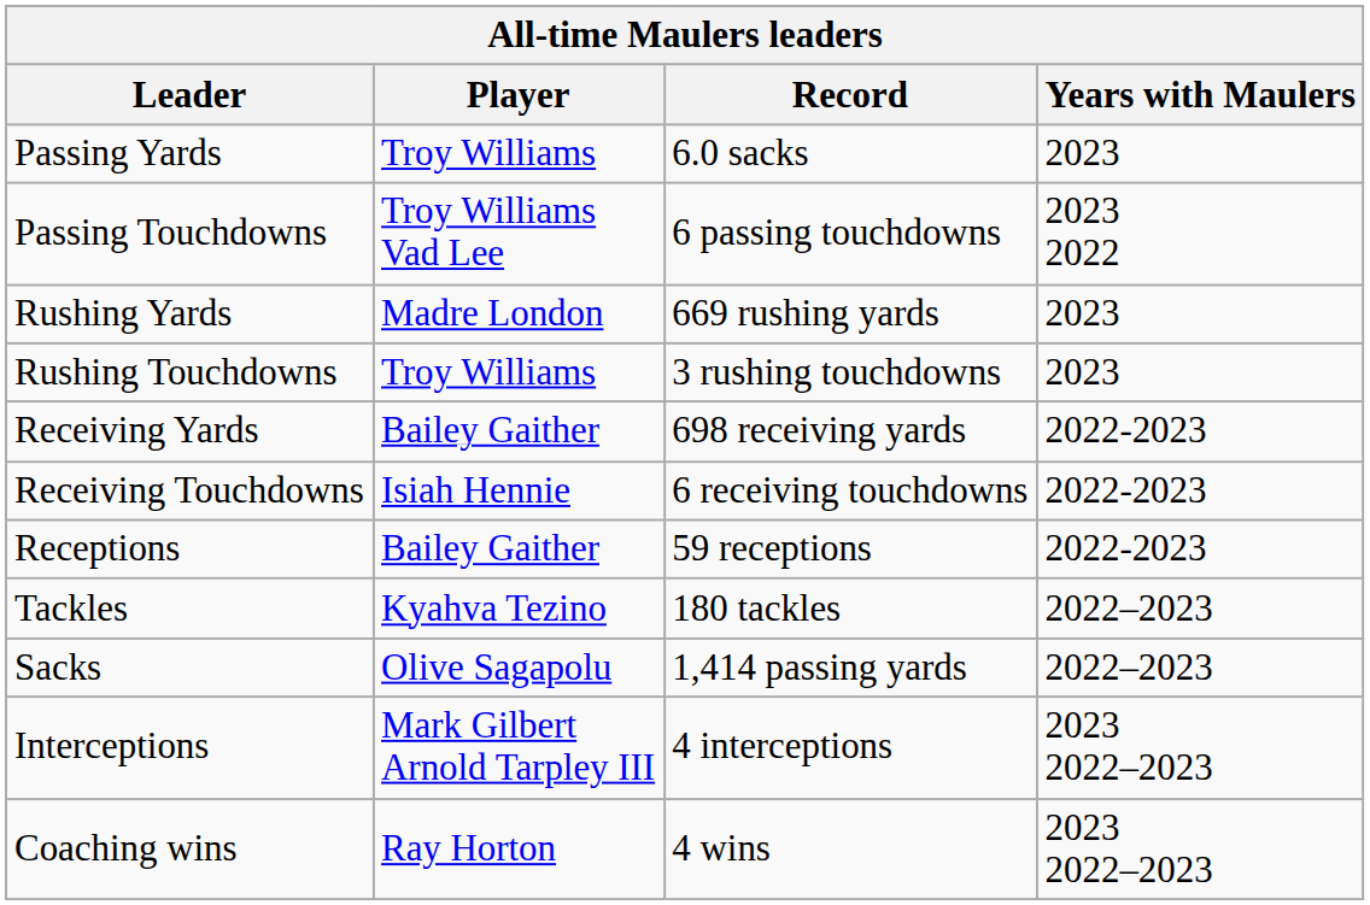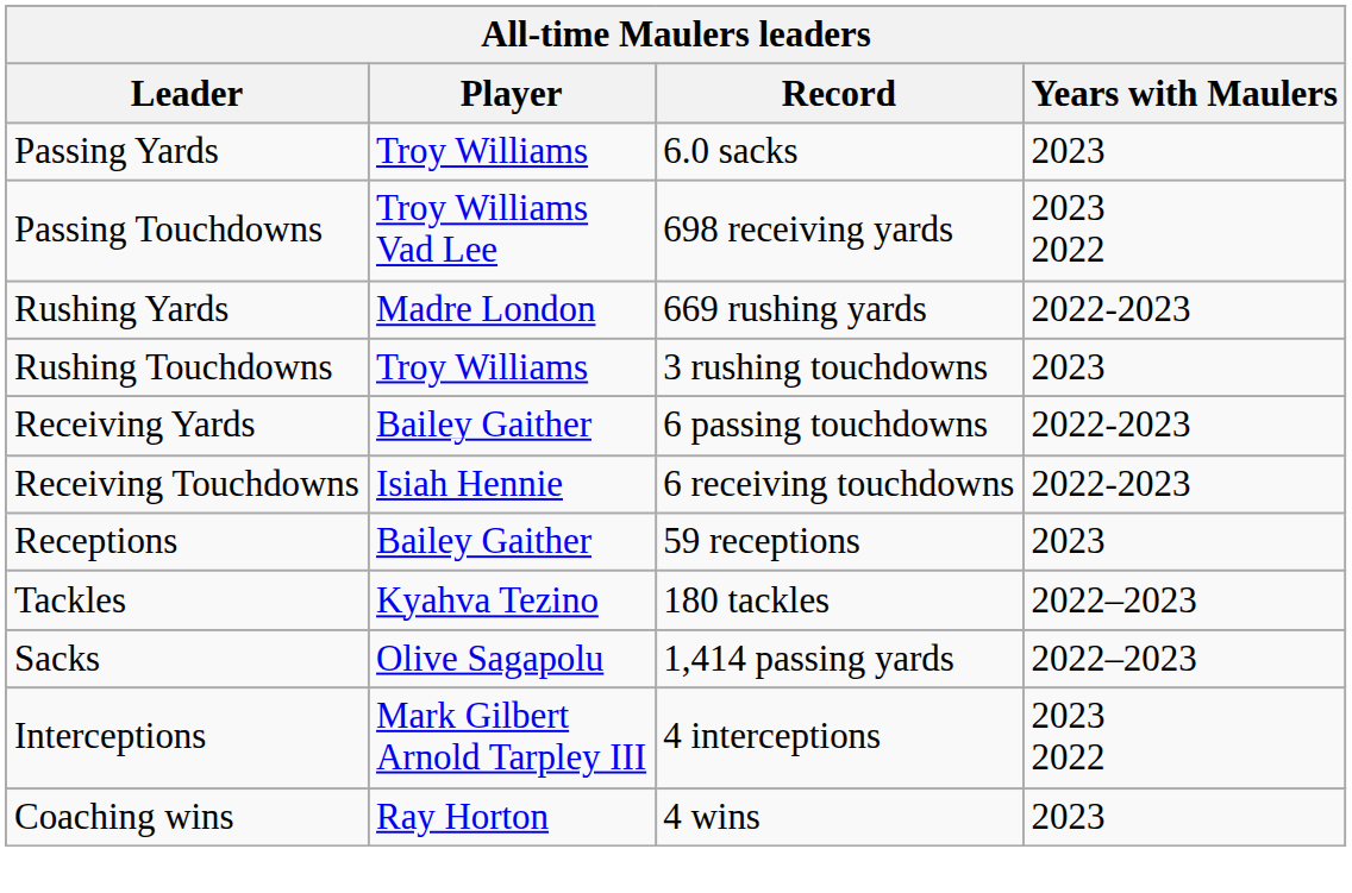 <table class="wikitable">
 <tr>
 <th colspan="5">All-time Maulers leaders</th>
 </tr>
 <tr>
 <th>Leader</th>
 <th>Player</th>
 <th>Record</th>
 <th>Years with Maulers</th>
 </tr>
 <tr>
 <td>Passing Yards</td>
 <td><a href='#'>Troy Williams</a></td>
 <td>6.0 sacks</td>
 <td>2023</td>
 </tr>
 <tr>
 <td>Passing Touchdowns</td>
 <td><a href='#'>Troy Williams</a><br><a href='#'>Vad Lee</a></td>
-<td>6 passing touchdowns</td>
+<td>698 receiving yards</td>
 <td>2023<br>2022</td>
 </tr>
 <tr>
 <td>Rushing Yards</td>
 <td><a href='#'>Madre London</a></td>
 <td>669 rushing yards</td>
-<td>2023</td>
+<td>2022-2023</td>
 </tr>
 <tr>
 <td>Rushing Touchdowns</td>
 <td><a href='#'>Troy Williams</a></td>
 <td>3 rushing touchdowns</td>
 <td>2023</td>
 </tr>
 <tr>
 <td>Receiving Yards</td>
 <td><a href='#'>Bailey Gaither</a></td>
-<td>698 receiving yards</td>
+<td>6 passing touchdowns</td>
 <td>2022-2023</td>
 </tr>
 <tr>
 <td>Receiving Touchdowns</td>
 <td><a href='#'>Isiah Hennie</a></td>
 <td>6 receiving touchdowns</td>
 <td>2022-2023</td>
 </tr>
 <tr>
 <td>Receptions</td>
 <td><a href='#'>Bailey Gaither</a></td>
 <td>59 receptions</td>
-<td>2022-2023</td>
+<td>2023</td>
 </tr>
 <tr>
 <td>Tackles</td>
 <td><a href='#'>Kyahva Tezino</a></td>
 <td>180 tackles</td>
 <td>2022–2023</td>
 </tr>
 <tr>
 <td>Sacks</td>
 <td><a href='#'>Olive Sagapolu</a></td>
 <td>1,414 passing yards</td>
 <td>2022–2023</td>
 </tr>
 <tr>
 <td>Interceptions</td>
 <td><a href='#'>Mark Gilbert</a><br><a href='#'>Arnold Tarpley III</a></td>
 <td>4 interceptions</td>
-<td>2023<br>2022–2023</td>
+<td>2023<br>2022</td>
 </tr>
 <tr>
 <td>Coaching wins</td>
 <td><a href='#'>Ray Horton</a></td>
 <td>4 wins</td>
-<td>2023<br>2022–2023</td>
+<td>2023</td>
 </tr>
 </table>
